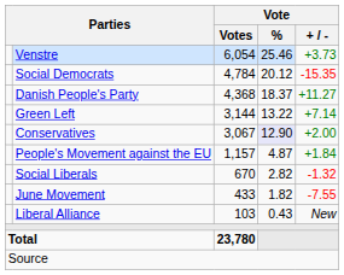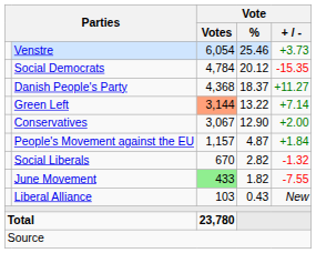 <table class="wikitable" style="text-align:right;">
 <tr>
 <th style="text-align:centre;" rowspan="2" colspan="2" width="225">Parties</th>
 <th colspan="3">Vote</th>
 </tr>
 <tr>
 <th width="15">Votes</th>
 <th width="15">%</th>
 <th width="15">+ / -</th>
 </tr>
 <tr>
 <td width="2" style="color:inherit;background:"></td>
 <td bgcolor=#cfe5fe   align="left"><a href='#'>Venstre</a></td>
 <td bgcolor=#cfe5fe>6,054</td>
 <td bgcolor=#cfe5fe>25.46</td>
 <td style=color:green;>+3.73</td>
 </tr>
 <tr>
 <td width="2" style="color:inherit;background:"></td>
 <td align="left"><a href='#'>Social Democrats</a></td>
 <td>4,784</td>
 <td>20.12</td>
 <td style=color:red;>-15.35</td>
 </tr>
 <tr>
 <td width="2" style="color:inherit;background:"></td>
 <td align="left"><a href='#'>Danish People's Party</a></td>
 <td>4,368</td>
 <td>18.37</td>
 <td style=color:green;>+11.27</td>
 </tr>
 <tr>
 <td width="2" style="color:inherit;background:"></td>
 <td align="left"><a href='#'>Green Left</a></td>
-<td>3,144</td>
+<td style="background: lightsalmon;">3,144</td>
 <td>13.22</td>
 <td style=color:green;>+7.14</td>
 </tr>
 <tr>
 <td width="2" style="color:inherit;background:"></td>
 <td align="left"><a href='#'>Conservatives</a></td>
 <td>3,067</td>
-<td style="background: lavender;">12.90</td>
+<td>12.90</td>
 <td style=color:green;>+2.00</td>
 </tr>
 <tr>
 <td width="2" style="color:inherit;background:"></td>
 <td align="left"><a href='#'>People's Movement against the EU</a></td>
 <td>1,157</td>
 <td>4.87</td>
 <td style=color:green;>+1.84</td>
 </tr>
 <tr>
 <td width="2" style="color:inherit;background:"></td>
 <td align="left"><a href='#'>Social Liberals</a></td>
 <td>670</td>
 <td>2.82</td>
 <td style=color:red;>-1.32</td>
 </tr>
 <tr>
 <td width="2" style="color:inherit;background:"></td>
 <td align="left"><a href='#'>June Movement</a></td>
-<td>433</td>
+<td style="background: lightgreen;">433</td>
 <td>1.82</td>
 <td style=color:red;>-7.55</td>
 </tr>
 <tr>
 <td width="2" style="color:inherit;background:"></td>
 <td align="left"><a href='#'>Liberal Alliance</a></td>
 <td>103</td>
 <td>0.43</td>
 <td><em>New</em></td>
 </tr>
 <tr>
 <td colspan="7" bgcolor="#E9E9E9"></td>
 </tr>
 <tr>
 <td align="left" colspan="2"><strong>Total</strong></td>
 <td><strong>23,780</strong></td>
 <td bgcolor="#E9E9E9" colspan="2"></td>
 </tr>
 <tr>
 <td align="left" colspan="6">Source</td>
 </tr>
 </table>
